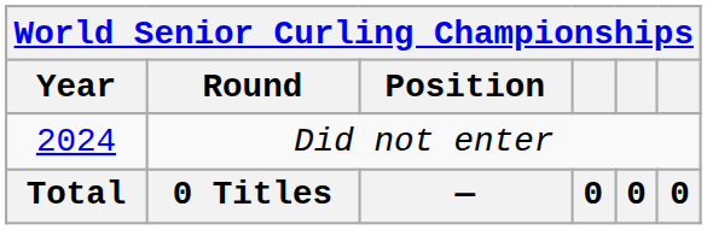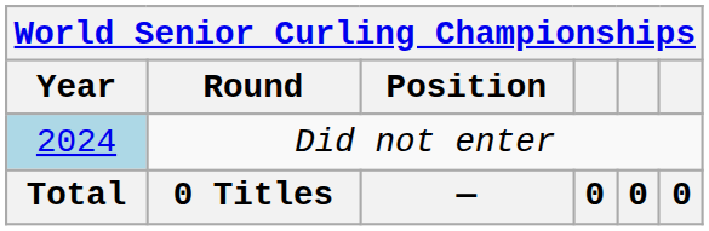 <table class="wikitable" style="text-align: center;">
 <tr>
 <th colspan=10><a href='#'>World Senior Curling Championships</a></th>
 </tr>
 <tr>
 <th>Year</th>
 <th>Round</th>
 <th>Position</th>
 <th></th>
 <th></th>
 <th></th>
 </tr>
 <tr>
-<td> <a href='#'>2024</a></td>
+<td style="background: lightblue;"> <a href='#'>2024</a></td>
 <td colspan=5><em>Did not enter</em></td>
 </tr>
 <tr>
 <th>Total</th>
 <th>0 Titles</th>
 <th>—</th>
 <th>0</th>
 <th>0</th>
 <th>0</th>
 </tr>
 </table>
